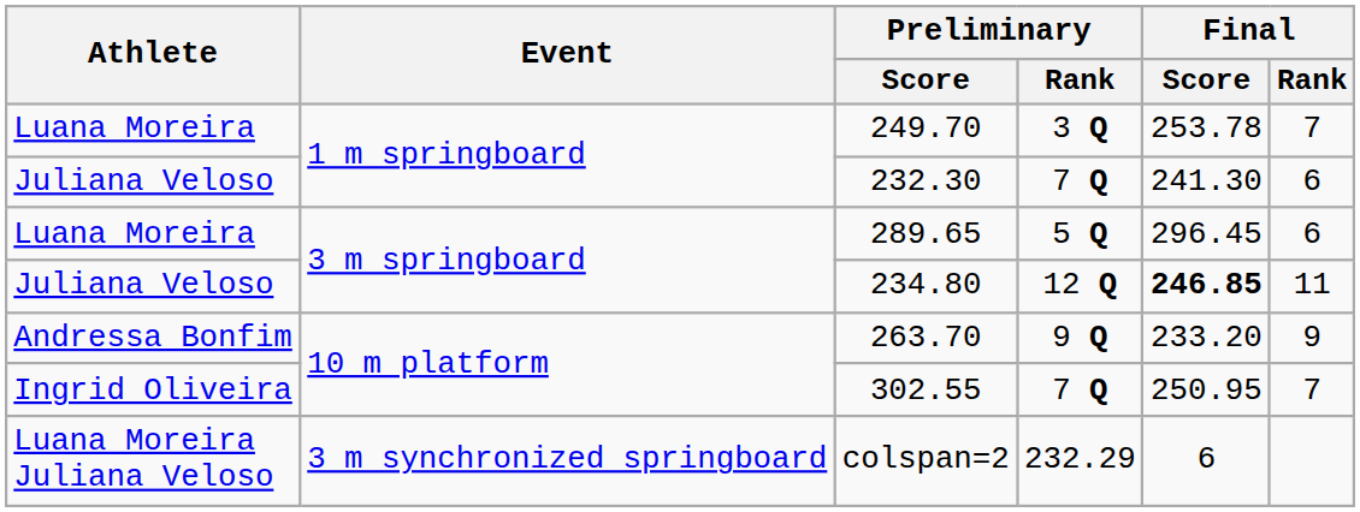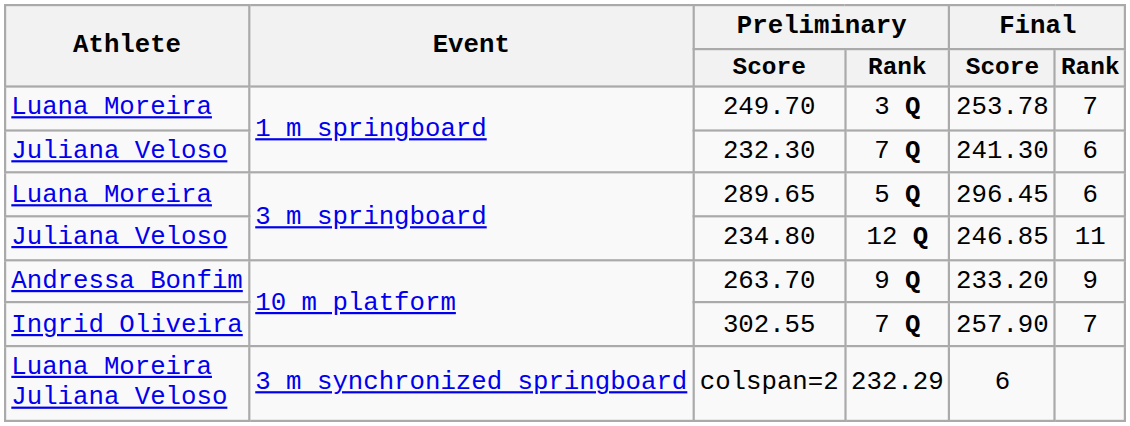 <table class=wikitable style=font-size:90%;text-align:center>
 <tr>
 <th rowspan=2>Athlete</th>
 <th rowspan=2>Event</th>
 <th colspan=2>Preliminary</th>
 <th colspan=2>Final</th>
 </tr>
 <tr style=font-size:95%>
 <th>Score</th>
 <th>Rank</th>
 <th>Score</th>
 <th>Rank</th>
 </tr>
 <tr>
 <td align=left><a href='#'>Luana Moreira</a></td>
 <td align=left rowspan=2><a href='#'>1 m springboard</a></td>
 <td>249.70</td>
 <td>3 <strong>Q</strong></td>
 <td>253.78</td>
 <td>7</td>
 </tr>
 <tr>
 <td align=left><a href='#'>Juliana Veloso</a></td>
 <td>232.30</td>
 <td>7 <strong>Q</strong></td>
 <td>241.30</td>
 <td>6</td>
 </tr>
 <tr>
 <td align=left><a href='#'>Luana Moreira</a></td>
 <td align=left rowspan=2><a href='#'>3 m springboard</a></td>
 <td>289.65</td>
 <td>5 <strong>Q</strong></td>
 <td>296.45</td>
 <td>6</td>
 </tr>
 <tr>
 <td align=left><a href='#'>Juliana Veloso</a></td>
 <td>234.80</td>
 <td>12 <strong>Q</strong></td>
-<td><strong>246.85</strong></td>
+<td>246.85</td>
 <td>11</td>
 </tr>
 <tr>
 <td align=left><a href='#'>Andressa Bonfim</a></td>
 <td align=left rowspan=2><a href='#'>10 m platform</a></td>
 <td>263.70</td>
 <td>9 <strong>Q</strong></td>
 <td>233.20</td>
 <td>9</td>
 </tr>
 <tr>
 <td align=left><a href='#'>Ingrid Oliveira</a></td>
 <td>302.55</td>
 <td>7 <strong>Q</strong></td>
-<td>250.95</td>
+<td>257.90</td>
 <td>7</td>
 </tr>
 <tr>
 <td align=left><a href='#'>Luana Moreira</a><br> <a href='#'>Juliana Veloso</a></td>
 <td align=left><a href='#'>3 m synchronized springboard</a></td>
 <td>colspan=2 </td>
 <td>232.29</td>
 <td>6</td>
 </tr>
 </table>
